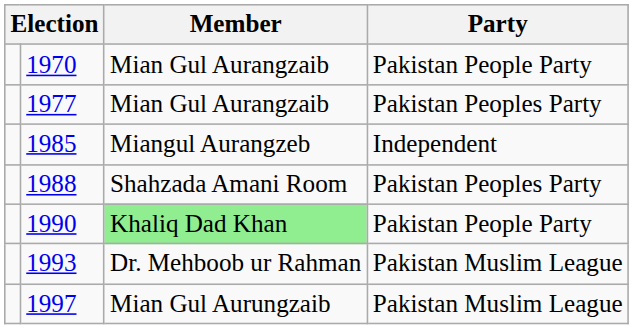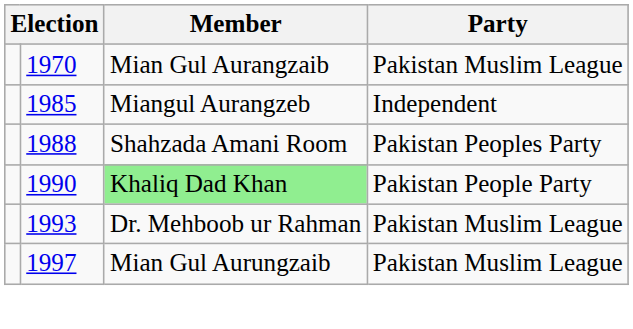 <table class="wikitable">
 <tr>
 <th colspan="2">Election</th>
 <th>Member</th>
 <th>Party</th>
 </tr>
 <tr>
 <td style="background-color: "></td>
 <td><a href='#'>1970</a></td>
 <td>Mian Gul Aurangzaib</td>
-<td>Pakistan People Party</td>
-</tr>
-<tr>
-<td style="background-color: "></td>
-<td><a href='#'>1977</a></td>
-<td>Mian Gul Aurangzaib</td>
-<td>Pakistan Peoples Party</td>
+<td>Pakistan Muslim League</td>
 </tr>
 <tr>
 <td style="background-color: "></td>
 <td><a href='#'>1985</a></td>
 <td>Miangul Aurangzeb</td>
 <td>Independent</td>
 </tr>
 <tr>
 <td style="background-color: "></td>
 <td><a href='#'>1988</a></td>
 <td>Shahzada Amani Room</td>
 <td>Pakistan Peoples Party</td>
 </tr>
 <tr>
 <td style="background-color: "></td>
 <td><a href='#'>1990</a></td>
 <td style="background: lightgreen;">Khaliq Dad Khan</td>
 <td>Pakistan People Party</td>
 </tr>
 <tr>
 <td style="background-color: "></td>
 <td><a href='#'>1993</a></td>
 <td>Dr. Mehboob ur Rahman</td>
 <td>Pakistan Muslim League</td>
 </tr>
 <tr>
 <td style="background-color: "></td>
 <td><a href='#'>1997</a></td>
 <td>Mian Gul Aurungzaib</td>
 <td>Pakistan Muslim League</td>
 </tr>
 </table>
